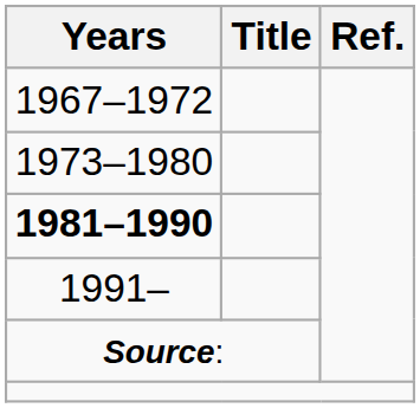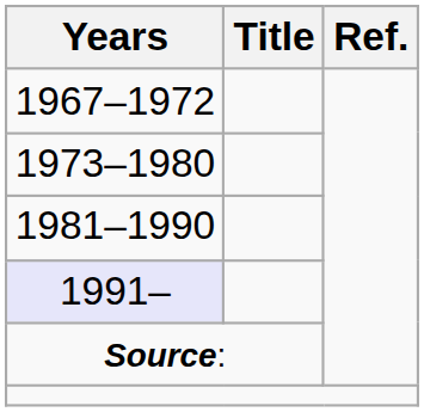 <table class="wikitable unsortable">
 <tr>
 <th>Years</th>
 <th>Title</th>
 <th>Ref.</th>
 </tr>
 <tr>
 <td align="center">1967–1972</td>
 <td align="center"></td>
 </tr>
 <tr>
 <td align="center">1973–1980</td>
 <td align="center"></td>
 </tr>
 <tr>
-<td align="center"><strong>1981–1990</strong></td>
+<td align="center">1981–1990</td>
 <td align="center"></td>
 </tr>
 <tr>
-<td align="center">1991–</td>
+<td align="center" style="background: lavender;">1991–</td>
 <td align="center"></td>
 </tr>
 <tr>
 <td colspan="2" align="center" style="background:#fffdead;"><small><strong><em>Source</em></strong>: <em></em></small></td>
 </tr>
 <tr>
 <td colspan="5" align="center" style="background:#fffdead;"><small></small></td>
 </tr>
 </table>
